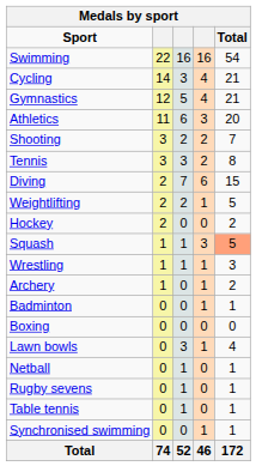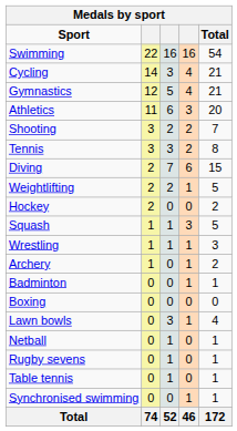 <table class="wikitable" style="float:right;">
 <tr>
 <th colspan=5><strong>Medals by sport</strong></th>
 </tr>
 <tr align=center>
 <td><strong>Sport</strong></td>
 <th bgcolor=#f7f6a8></th>
 <th bgcolor=#dce5e5></th>
 <th bgcolor=#ffdab9></th>
 <th><strong>Total</strong></th>
 </tr>
 <tr align=center>
 <td align=left><a href='#'>Swimming</a></td>
 <td bgcolor=#f7f6a8>22</td>
 <td bgcolor=#dce5e5>16</td>
 <td bgcolor=#ffdab9>16</td>
 <td>54</td>
 </tr>
 <tr align=center>
 <td align=left><a href='#'>Cycling</a></td>
 <td bgcolor=#f7f6a8>14</td>
 <td bgcolor=#dce5e5>3</td>
 <td bgcolor=#ffdab9>4</td>
 <td>21</td>
 </tr>
 <tr align=center>
 <td align=left><a href='#'>Gymnastics</a></td>
 <td bgcolor=#f7f6a8>12</td>
 <td bgcolor=#dce5e5>5</td>
 <td bgcolor=#ffdab9>4</td>
 <td>21</td>
 </tr>
 <tr align=center>
 <td align=left><a href='#'>Athletics</a></td>
 <td bgcolor=#f7f6a8>11</td>
 <td bgcolor=#dce5e5>6</td>
 <td bgcolor=#ffdab9>3</td>
 <td>20</td>
 </tr>
 <tr align=center>
 <td align=left><a href='#'>Shooting</a></td>
 <td bgcolor=#f7f6a8>3</td>
 <td bgcolor=#dce5e5>2</td>
 <td bgcolor=#ffdab9>2</td>
 <td>7</td>
 </tr>
 <tr align=center>
 <td align=left><a href='#'>Tennis</a></td>
 <td bgcolor=#f7f6a8>3</td>
 <td bgcolor=#dce5e5>3</td>
 <td bgcolor=#ffdab9>2</td>
 <td>8</td>
 </tr>
 <tr align=center>
 <td align=left><a href='#'>Diving</a></td>
 <td bgcolor=#f7f6a8>2</td>
 <td bgcolor=#dce5e5>7</td>
 <td bgcolor=#ffdab9>6</td>
 <td>15</td>
 </tr>
 <tr align=center>
 <td align=left><a href='#'>Weightlifting</a></td>
 <td bgcolor=#f7f6a8>2</td>
 <td bgcolor=#dce5e5>2</td>
 <td bgcolor=#ffdab9>1</td>
 <td>5</td>
 </tr>
 <tr align=center>
 <td align=left><a href='#'>Hockey</a></td>
 <td bgcolor=#f7f6a8>2</td>
 <td bgcolor=#dce5e5>0</td>
 <td bgcolor=#ffdab9>0</td>
 <td>2</td>
 </tr>
 <tr align=center>
 <td align=left><a href='#'>Squash</a></td>
 <td bgcolor=#f7f6a8>1</td>
 <td bgcolor=#dce5e5>1</td>
 <td bgcolor=#ffdab9>3</td>
-<td style="background: lightsalmon;">5</td>
+<td>5</td>
 </tr>
 <tr align=center>
 <td align=left><a href='#'>Wrestling</a></td>
 <td bgcolor=#f7f6a8>1</td>
 <td bgcolor=#dce5e5>1</td>
 <td bgcolor=#ffdab9>1</td>
 <td>3</td>
 </tr>
 <tr align=center>
 <td align=left><a href='#'>Archery</a></td>
 <td bgcolor=#f7f6a8>1</td>
 <td bgcolor=#dce5e5>0</td>
 <td bgcolor=#ffdab9>1</td>
 <td>2</td>
 </tr>
 <tr align=center>
 <td align=left><a href='#'>Badminton</a></td>
 <td bgcolor=#f7f6a8>0</td>
 <td bgcolor=#dce5e5>0</td>
 <td bgcolor=#ffdab9>1</td>
 <td>1</td>
 </tr>
 <tr align=center>
 <td align=left><a href='#'>Boxing</a></td>
 <td bgcolor=#f7f6a8>0</td>
 <td bgcolor=#dce5e5>0</td>
 <td bgcolor=#ffdab9>0</td>
 <td>0</td>
 </tr>
 <tr align=center>
 <td align=left><a href='#'>Lawn bowls</a></td>
 <td bgcolor=#f7f6a8>0</td>
 <td bgcolor=#dce5e5>3</td>
 <td bgcolor=#ffdab9>1</td>
 <td>4</td>
 </tr>
 <tr align=center>
 <td align=left><a href='#'>Netball</a></td>
 <td bgcolor=#f7f6a8>0</td>
 <td bgcolor=#dce5e5>1</td>
 <td bgcolor=#ffdab9>0</td>
 <td>1</td>
 </tr>
 <tr align=center>
 <td align=left><a href='#'>Rugby sevens</a></td>
 <td bgcolor=#f7f6a8>0</td>
 <td bgcolor=#dce5e5>1</td>
 <td bgcolor=#ffdab9>0</td>
 <td>1</td>
 </tr>
 <tr align=center>
 <td align=left><a href='#'>Table tennis</a></td>
 <td bgcolor=#f7f6a8>0</td>
 <td bgcolor=#dce5e5>1</td>
 <td bgcolor=#ffdab9>0</td>
 <td>1</td>
 </tr>
 <tr align=center>
 <td align=left><a href='#'>Synchronised swimming</a></td>
 <td bgcolor=#f7f6a8>0</td>
 <td bgcolor=#dce5e5>0</td>
 <td bgcolor=#ffdab9>1</td>
 <td>1</td>
 </tr>
 <tr align=center>
 <th bgcolor=#efefef><strong>Total</strong></th>
 <th bgcolor=#f7f6a8>74</th>
 <th bgcolor=#dce5e5>52</th>
 <th bgcolor=#ffdab9>46</th>
 <th>172</th>
 </tr>
 </table>
